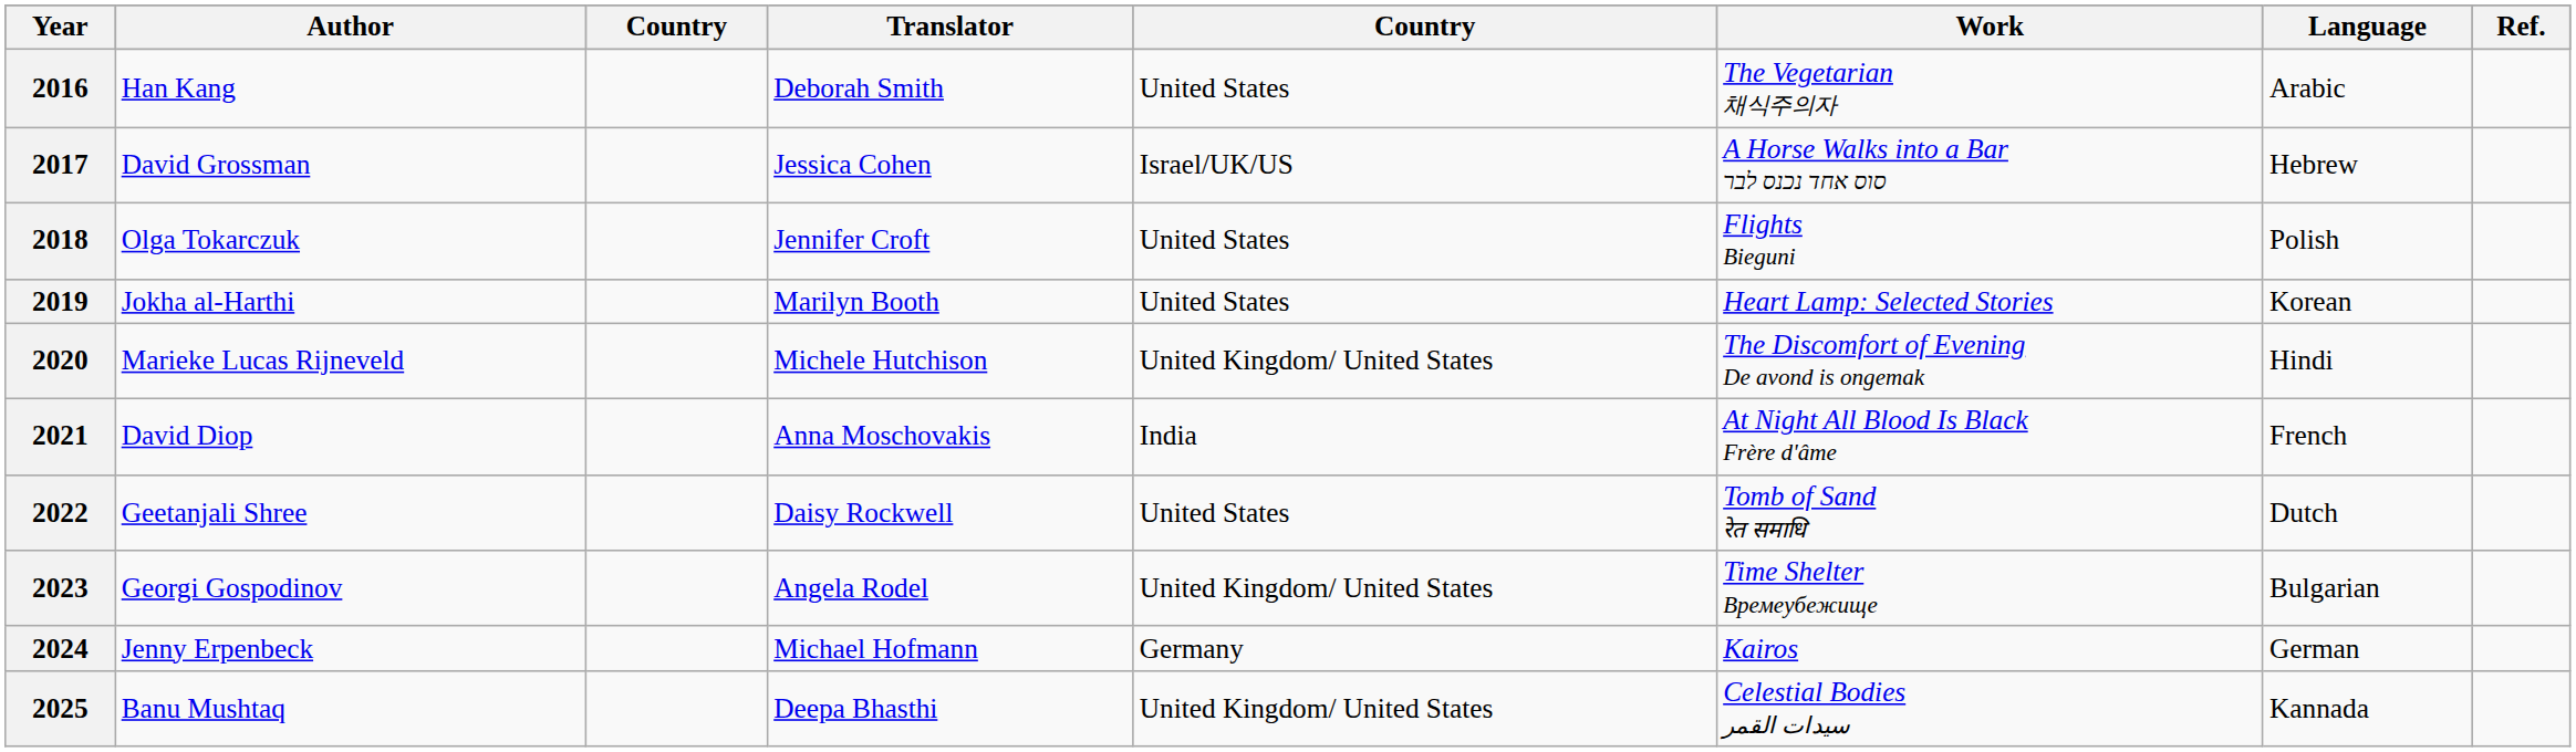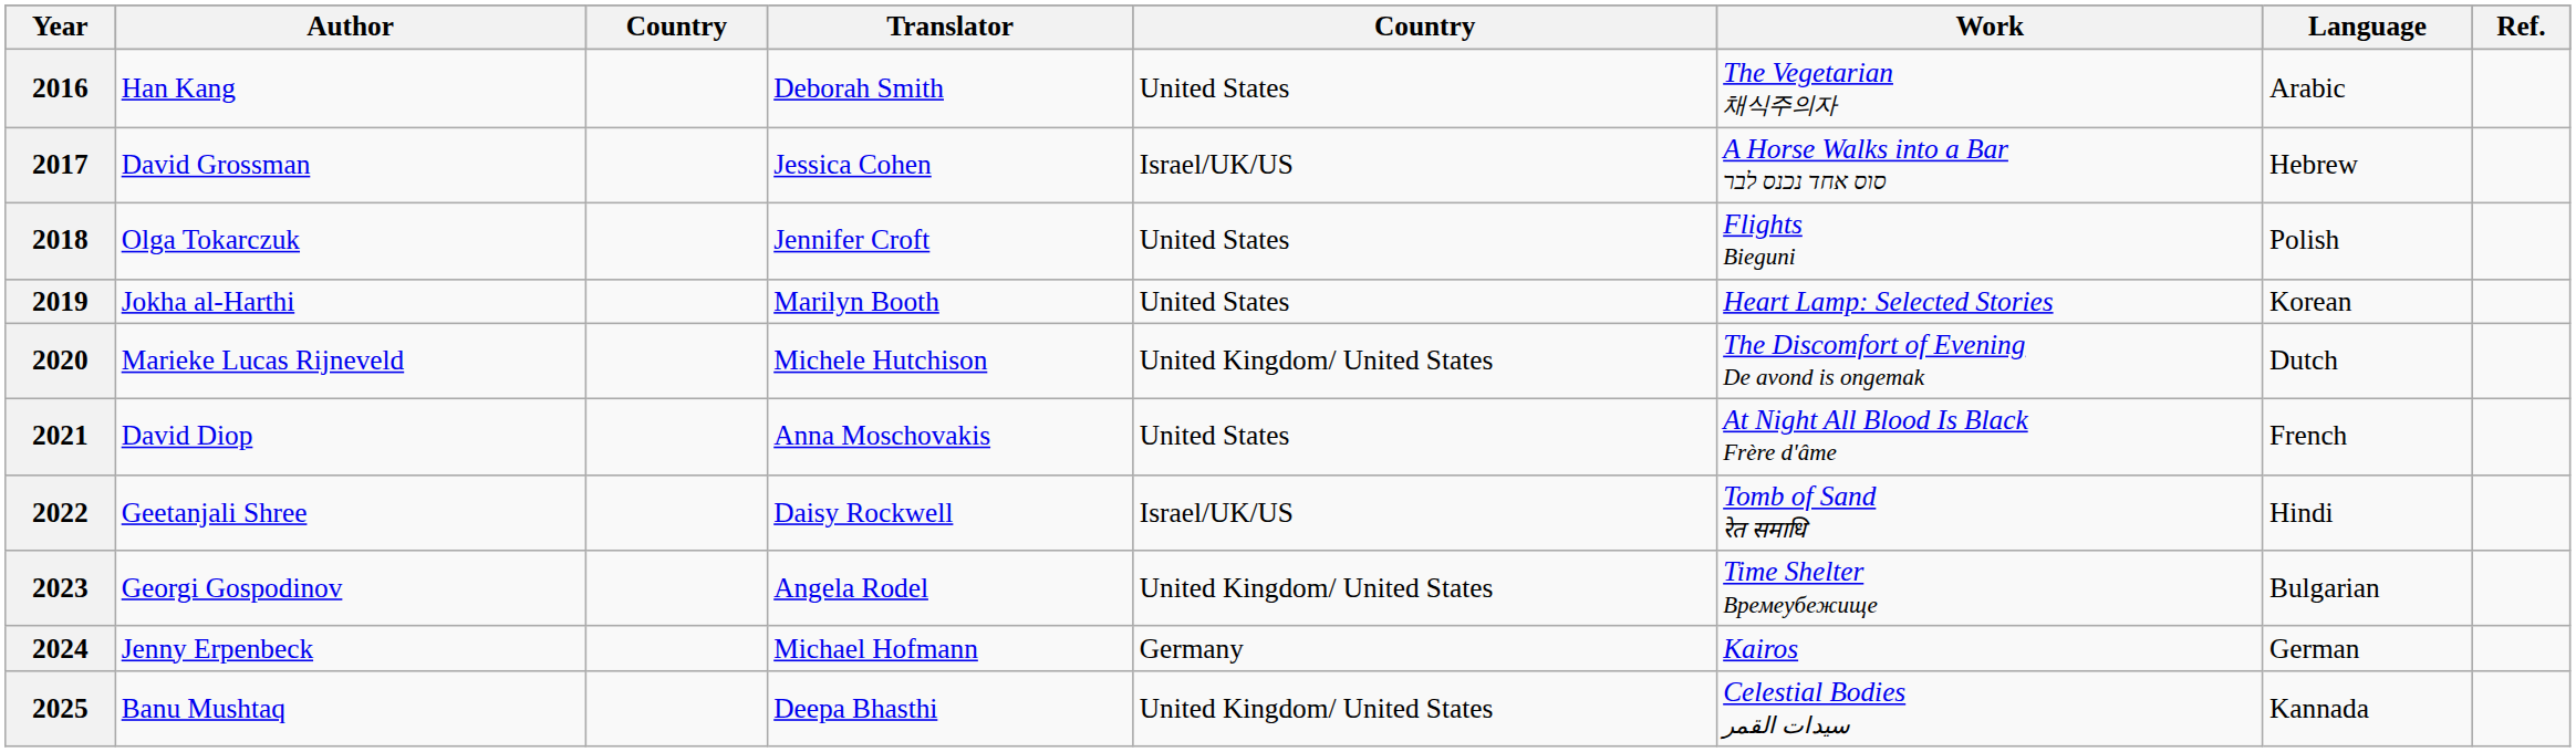 <table class="wikitable plainrowheaders" width=74%>
 <tr bgcolor="#505050">
 <th scope="col">Year</th>
 <th scope="col">Author</th>
 <th scope="col">Country</th>
 <th scope="col">Translator</th>
 <th scope="col">Country</th>
 <th scope="col">Work</th>
 <th scope="col">Language</th>
 <th>Ref.</th>
 </tr>
 <tr>
 <th scope="row">2016</th>
 <td><a href='#'>Han Kang</a></td>
 <td></td>
 <td><a href='#'>Deborah Smith</a></td>
 <td>United States</td>
 <td><em><a href='#'>The Vegetarian</a></em><br><small><em>채식주의자</em></small></td>
 <td>Arabic</td>
 <td></td>
 </tr>
 <tr>
 <th scope="row">2017</th>
 <td><a href='#'>David Grossman</a></td>
 <td></td>
 <td><a href='#'>Jessica Cohen</a></td>
 <td>Israel/UK/US</td>
 <td><em><a href='#'>A Horse Walks into a Bar</a></em> <br><small><em>סוס אחד נכנס לבר‎</em></small></td>
 <td>Hebrew</td>
 <td></td>
 </tr>
 <tr>
 <th scope="row">2018</th>
 <td><a href='#'>Olga Tokarczuk</a></td>
 <td></td>
 <td><a href='#'>Jennifer Croft</a></td>
 <td>United States</td>
 <td><em><a href='#'>Flights</a></em> <br><small><em>Bieguni</em></small></td>
 <td>Polish</td>
 <td></td>
 </tr>
 <tr>
 <th scope="row">2019</th>
 <td><a href='#'>Jokha al-Harthi</a></td>
 <td></td>
 <td><a href='#'>Marilyn Booth</a></td>
 <td>United States</td>
 <td><em><a href='#'>Heart Lamp: Selected Stories</a></em></td>
 <td>Korean</td>
 <td></td>
 </tr>
 <tr>
 <th scope="row">2020</th>
 <td><a href='#'>Marieke Lucas Rijneveld</a></td>
 <td></td>
 <td><a href='#'>Michele Hutchison</a></td>
 <td>United Kingdom/ United States</td>
 <td><em><a href='#'>The Discomfort of Evening</a></em><br><small><em>De avond is ongemak</em></small></td>
-<td>Hindi</td>
+<td>Dutch</td>
 <td></td>
 </tr>
 <tr>
 <th scope="row">2021</th>
 <td><a href='#'>David Diop</a></td>
 <td></td>
 <td><a href='#'>Anna Moschovakis</a></td>
-<td>India</td>
+<td>United States</td>
 <td><em><a href='#'>At Night All Blood Is Black</a></em><br><small><em>Frère d'âme</em></small></td>
 <td>French</td>
 <td></td>
 </tr>
 <tr>
 <th scope="row">2022</th>
 <td><a href='#'>Geetanjali Shree</a></td>
 <td></td>
 <td><a href='#'>Daisy Rockwell</a></td>
-<td>United States</td>
+<td>Israel/UK/US</td>
 <td><em><a href='#'>Tomb of Sand</a></em><br><small><em>रेत समाधि</em></small></td>
-<td>Dutch</td>
+<td>Hindi</td>
 <td></td>
 </tr>
 <tr>
 <th scope="row">2023</th>
 <td><a href='#'>Georgi Gospodinov</a></td>
 <td></td>
 <td><a href='#'>Angela Rodel</a></td>
 <td>United Kingdom/ United States</td>
 <td><em><a href='#'>Time Shelter</a></em><br><small><em>Времеубежище</em></small></td>
 <td>Bulgarian</td>
 <td></td>
 </tr>
 <tr>
 <th scope="row">2024</th>
 <td><a href='#'>Jenny Erpenbeck</a></td>
 <td></td>
 <td><a href='#'>Michael Hofmann</a></td>
 <td>Germany</td>
 <td><em><a href='#'>Kairos</a></em></td>
 <td>German</td>
 <td></td>
 </tr>
 <tr>
 <th scope="row">2025</th>
 <td><a href='#'>Banu Mushtaq</a></td>
 <td></td>
 <td><a href='#'>Deepa Bhasthi</a></td>
 <td>United Kingdom/ United States</td>
 <td><em><a href='#'>Celestial Bodies</a></em><br><small><em>سيدات القمر</em></small></td>
 <td>Kannada</td>
 <td></td>
 </tr>
 </table>
